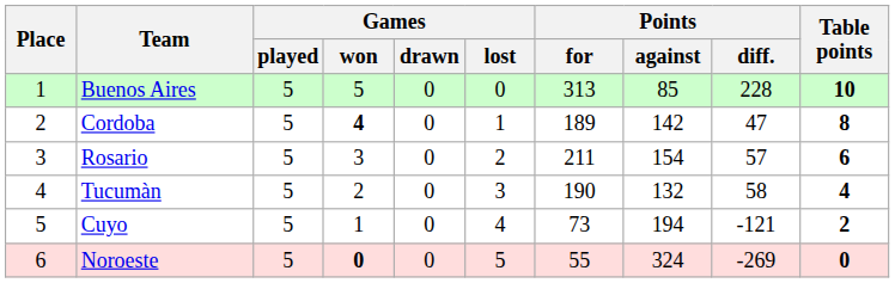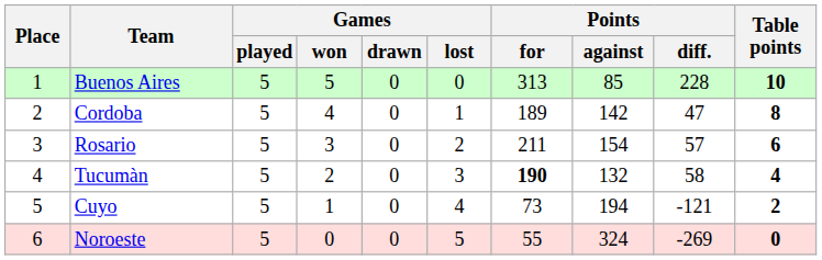 <table class="wikitable">
 <tr>
 <th rowspan=2 width="8%">Place</th>
 <th rowspan=2 width="20%">Team</th>
 <th colspan=4 width="32%">Games</th>
 <th colspan=3 width="30%">Points</th>
 <th rowspan=2 width="10%">Table<br>points</th>
 </tr>
 <tr>
 <th width="8%">played</th>
 <th width="8%">won</th>
 <th width="8%">drawn</th>
 <th width="8%">lost</th>
 <th width="10%">for</th>
 <th width="10%">against</th>
 <th width="10%">diff.</th>
 </tr>
 <tr align=center style="background: #ccffcc;">
 <td>1</td>
 <td align=left><a href='#'>Buenos Aires</a></td>
 <td>5</td>
 <td>5</td>
 <td>0</td>
 <td>0</td>
 <td>313</td>
 <td>85</td>
 <td>228</td>
 <td><strong>10</strong></td>
 </tr>
 <tr align=center style="background: #ffffff;">
 <td>2</td>
 <td align=left><a href='#'>Cordoba</a></td>
 <td>5</td>
-<td><strong>4</strong></td>
+<td>4</td>
 <td>0</td>
 <td>1</td>
 <td>189</td>
 <td>142</td>
 <td>47</td>
 <td><strong>8</strong></td>
 </tr>
 <tr align=center style="background: #ffffff;">
 <td>3</td>
 <td align=left><a href='#'>Rosario</a></td>
 <td>5</td>
 <td>3</td>
 <td>0</td>
 <td>2</td>
 <td>211</td>
 <td>154</td>
 <td>57</td>
 <td><strong>6</strong></td>
 </tr>
 <tr align=center style="background: #ffffff;">
 <td>4</td>
 <td align=left><a href='#'>Tucumàn</a></td>
 <td>5</td>
 <td>2</td>
 <td>0</td>
 <td>3</td>
-<td>190</td>
+<td><strong>190</strong></td>
 <td>132</td>
 <td>58</td>
 <td><strong>4</strong></td>
 </tr>
 <tr align=center style="background: #ffffff;">
 <td>5</td>
 <td align=left><a href='#'>Cuyo</a></td>
 <td>5</td>
 <td>1</td>
 <td>0</td>
 <td>4</td>
 <td>73</td>
 <td>194</td>
 <td>-121</td>
 <td><strong>2</strong></td>
 </tr>
 <tr align=center style="background: #ffdddd;">
 <td>6</td>
 <td align=left><a href='#'>Noroeste</a></td>
 <td>5</td>
-<td><strong>0</strong></td>
+<td>0</td>
 <td>0</td>
 <td>5</td>
 <td>55</td>
 <td>324</td>
 <td>-269</td>
 <td><strong>0</strong></td>
 </tr>
 </table>
